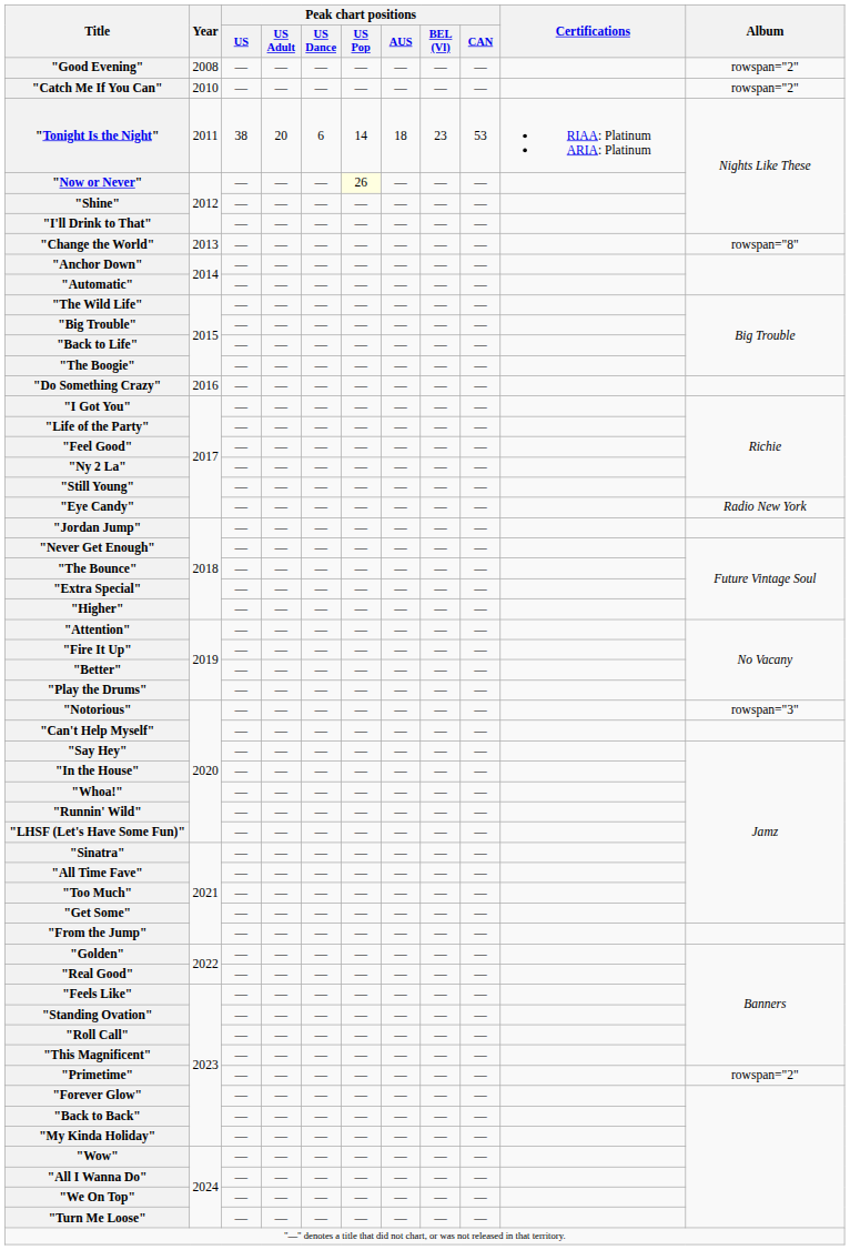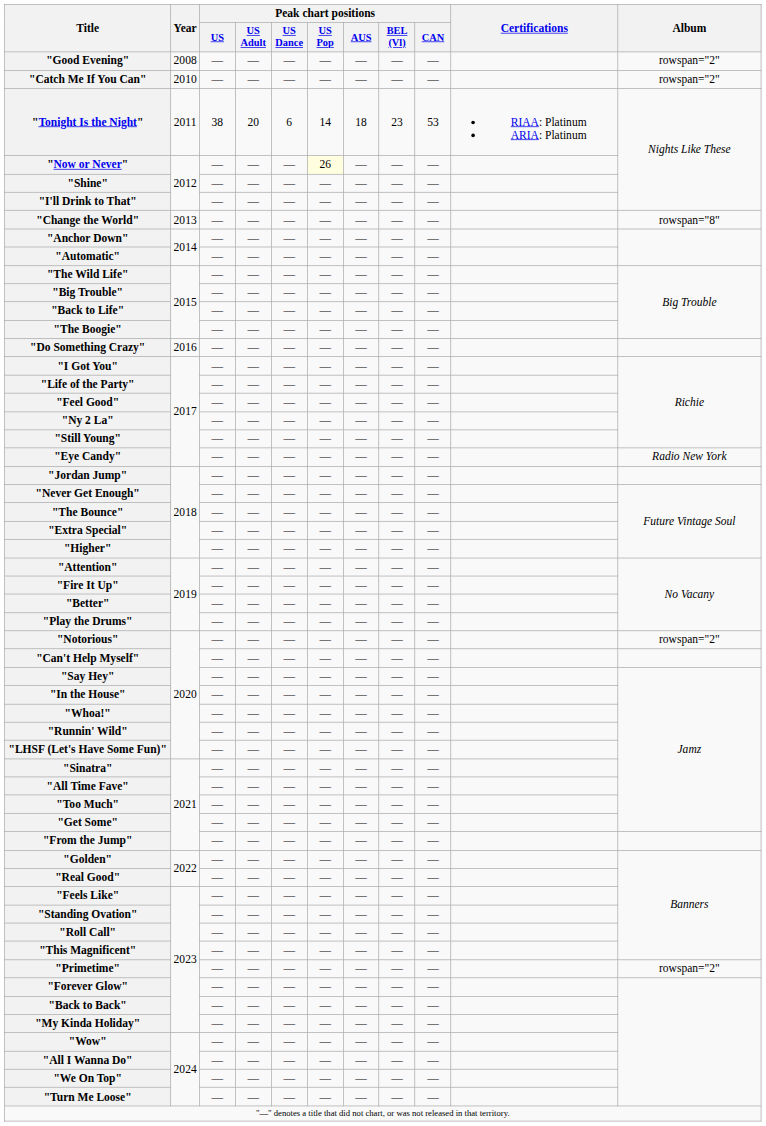 <table class="wikitable plainrowheaders" style="text-align:center;">
 <tr>
 <th scope="col" rowspan="2" style="width:14em;">Title</th>
 <th scope="col" rowspan="2">Year</th>
 <th scope="col" colspan="7">Peak chart positions</th>
 <th scope="col" rowspan="2" style="width:14em;"><a href='#'>Certifications</a></th>
 <th scope="col" rowspan="2" style="width:12em;">Album</th>
 </tr>
 <tr>
 <th scope="col" style="width:3em;font-size:90%;"><a href='#'>US</a><br></th>
 <th scope="col" style="width:3em;font-size:90%;"><a href='#'>US Adult</a><br></th>
 <th scope="col" style="width:3em;font-size:90%;"><a href='#'>US Dance</a><br></th>
 <th scope="col" style="width:3em;font-size:90%;"><a href='#'>US Pop</a><br></th>
 <th scope="col" style="width:3em;font-size:90%;"><a href='#'>AUS</a><br></th>
 <th scope="col" style="width:3em;font-size:90%;"><a href='#'>BEL (Vl)</a><br></th>
 <th scope="col" style="width:3em;font-size:90%;"><a href='#'>CAN</a><br></th>
 </tr>
 <tr>
 <th scope="row">"Good Evening"</th>
 <td>2008</td>
 <td>—</td>
 <td>—</td>
 <td>—</td>
 <td>—</td>
 <td>—</td>
 <td>—</td>
 <td>—</td>
 <td></td>
 <td>rowspan="2" </td>
 </tr>
 <tr>
 <th scope="row">"Catch Me If You Can"</th>
 <td>2010</td>
 <td>—</td>
 <td>—</td>
 <td>—</td>
 <td>—</td>
 <td>—</td>
 <td>—</td>
 <td>—</td>
 <td></td>
 <td>rowspan="2" </td>
 </tr>
 <tr>
 <th scope="row">"<a href='#'>Tonight Is the Night</a>"</th>
 <td>2011</td>
 <td>38</td>
 <td>20</td>
 <td>6</td>
 <td>14</td>
 <td>18</td>
 <td>23</td>
 <td>53</td>
 <td><br><ul><li><a href='#'>RIAA</a>: Platinum</li><li><a href='#'>ARIA</a>: Platinum</li></ul></td>
 <td rowspan="4"><em>Nights Like These</em></td>
 </tr>
 <tr>
 <th scope="row">"<a href='#'>Now or Never</a>"</th>
 <td rowspan="3">2012</td>
 <td>—</td>
 <td>—</td>
 <td>—</td>
 <td style="background: lightyellow;">26</td>
 <td>—</td>
 <td>—</td>
 <td>—</td>
 <td></td>
 </tr>
 <tr>
 <th scope="row">"Shine"<br></th>
 <td>—</td>
 <td>—</td>
 <td>—</td>
 <td>—</td>
 <td>—</td>
 <td>—</td>
 <td>—</td>
 <td></td>
 </tr>
 <tr>
 <th scope="row">"I'll Drink to That"</th>
 <td>—</td>
 <td>—</td>
 <td>—</td>
 <td>—</td>
 <td>—</td>
 <td>—</td>
 <td>—</td>
 <td></td>
 </tr>
 <tr>
 <th scope="row">"Change the World"</th>
 <td>2013</td>
 <td>—</td>
 <td>—</td>
 <td>—</td>
 <td>—</td>
 <td>—</td>
 <td>—</td>
 <td>—</td>
 <td></td>
 <td>rowspan="8" </td>
 </tr>
 <tr>
 <th scope="row">"Anchor Down"</th>
 <td rowspan="2">2014</td>
 <td>—</td>
 <td>—</td>
 <td>—</td>
 <td>—</td>
 <td>—</td>
 <td>—</td>
 <td>—</td>
 <td></td>
 </tr>
 <tr>
 <th scope="row">"Automatic"</th>
 <td>—</td>
 <td>—</td>
 <td>—</td>
 <td>—</td>
 <td>—</td>
 <td>—</td>
 <td>—</td>
 <td></td>
 </tr>
 <tr>
 <th scope="row">"The Wild Life"</th>
 <td rowspan="4">2015</td>
 <td>—</td>
 <td>—</td>
 <td>—</td>
 <td>—</td>
 <td>—</td>
 <td>—</td>
 <td>—</td>
 <td></td>
 <td rowspan="4"><em>Big Trouble</em></td>
 </tr>
 <tr>
 <th scope="row">"Big Trouble"</th>
 <td>—</td>
 <td>—</td>
 <td>—</td>
 <td>—</td>
 <td>—</td>
 <td>—</td>
 <td>—</td>
 <td></td>
 </tr>
 <tr>
 <th scope="row">"Back to Life"</th>
 <td>—</td>
 <td>—</td>
 <td>—</td>
 <td>—</td>
 <td>—</td>
 <td>—</td>
 <td>—</td>
 <td></td>
 </tr>
 <tr>
 <th scope="row">"The Boogie"</th>
 <td>—</td>
 <td>—</td>
 <td>—</td>
 <td>—</td>
 <td>—</td>
 <td>—</td>
 <td>—</td>
 <td></td>
 </tr>
 <tr>
 <th scope="row">"Do Something Crazy"<br></th>
 <td>2016</td>
 <td>—</td>
 <td>—</td>
 <td>—</td>
 <td>—</td>
 <td>—</td>
 <td>—</td>
 <td>—</td>
 <td></td>
 <td></td>
 </tr>
 <tr>
 <th scope="row">"I Got You"</th>
 <td rowspan="6">2017</td>
 <td>—</td>
 <td>—</td>
 <td>—</td>
 <td>—</td>
 <td>—</td>
 <td>—</td>
 <td>—</td>
 <td></td>
 <td rowspan="5"><em>Richie</em></td>
 </tr>
 <tr>
 <th scope="row">"Life of the Party"</th>
 <td>—</td>
 <td>—</td>
 <td>—</td>
 <td>—</td>
 <td>—</td>
 <td>—</td>
 <td>—</td>
 <td></td>
 </tr>
 <tr>
 <th scope="row">"Feel Good"<br></th>
 <td>—</td>
 <td>—</td>
 <td>—</td>
 <td>—</td>
 <td>—</td>
 <td>—</td>
 <td>—</td>
 <td></td>
 </tr>
 <tr>
 <th scope="row">"Ny 2 La"</th>
 <td>—</td>
 <td>—</td>
 <td>—</td>
 <td>—</td>
 <td>—</td>
 <td>—</td>
 <td>—</td>
 <td></td>
 </tr>
 <tr>
 <th scope="row">"Still Young"</th>
 <td>—</td>
 <td>—</td>
 <td>—</td>
 <td>—</td>
 <td>—</td>
 <td>—</td>
 <td>—</td>
 <td></td>
 </tr>
 <tr>
 <th scope="row">"Eye Candy"<br></th>
 <td>—</td>
 <td>—</td>
 <td>—</td>
 <td>—</td>
 <td>—</td>
 <td>—</td>
 <td>—</td>
 <td></td>
 <td><em>Radio New York</em></td>
 </tr>
 <tr>
 <th scope="row">"Jordan Jump"<br></th>
 <td rowspan="5">2018</td>
 <td>—</td>
 <td>—</td>
 <td>—</td>
 <td>—</td>
 <td>—</td>
 <td>—</td>
 <td>—</td>
 <td></td>
 </tr>
 <tr>
 <th scope="row">"Never Get Enough"</th>
 <td>—</td>
 <td>—</td>
 <td>—</td>
 <td>—</td>
 <td>—</td>
 <td>—</td>
 <td>—</td>
 <td></td>
 <td rowspan="4"><em>Future Vintage Soul</em></td>
 </tr>
 <tr>
 <th scope="row">"The Bounce"</th>
 <td>—</td>
 <td>—</td>
 <td>—</td>
 <td>—</td>
 <td>—</td>
 <td>—</td>
 <td>—</td>
 <td></td>
 </tr>
 <tr>
 <th scope="row">"Extra Special"</th>
 <td>—</td>
 <td>—</td>
 <td>—</td>
 <td>—</td>
 <td>—</td>
 <td>—</td>
 <td>—</td>
 <td></td>
 </tr>
 <tr>
 <th scope="row">"Higher"</th>
 <td>—</td>
 <td>—</td>
 <td>—</td>
 <td>—</td>
 <td>—</td>
 <td>—</td>
 <td>—</td>
 <td></td>
 </tr>
 <tr>
 <th scope="row">"Attention"</th>
 <td rowspan="4">2019</td>
 <td>—</td>
 <td>—</td>
 <td>—</td>
 <td>—</td>
 <td>—</td>
 <td>—</td>
 <td>—</td>
 <td></td>
 <td rowspan="4"><em>No Vacany</em></td>
 </tr>
 <tr>
 <th scope="row">"Fire It Up"</th>
 <td>—</td>
 <td>—</td>
 <td>—</td>
 <td>—</td>
 <td>—</td>
 <td>—</td>
 <td>—</td>
 <td></td>
 </tr>
 <tr>
 <th scope="row">"Better"</th>
 <td>—</td>
 <td>—</td>
 <td>—</td>
 <td>—</td>
 <td>—</td>
 <td>—</td>
 <td>—</td>
 <td></td>
 </tr>
 <tr>
 <th scope="row">"Play the Drums"</th>
 <td>—</td>
 <td>—</td>
 <td>—</td>
 <td>—</td>
 <td>—</td>
 <td>—</td>
 <td>—</td>
 <td></td>
 </tr>
 <tr>
 <th scope="row">"Notorious"<br></th>
 <td rowspan="7">2020</td>
 <td>—</td>
 <td>—</td>
 <td>—</td>
 <td>—</td>
 <td>—</td>
 <td>—</td>
 <td>—</td>
 <td></td>
-<td>rowspan="3" </td>
+<td>rowspan="2" </td>
 </tr>
 <tr>
 <th scope="row">"Can't Help Myself"</th>
 <td>—</td>
 <td>—</td>
 <td>—</td>
 <td>—</td>
 <td>—</td>
 <td>—</td>
 <td>—</td>
 <td></td>
 </tr>
 <tr>
 <th scope="row">"Say Hey"</th>
 <td>—</td>
 <td>—</td>
 <td>—</td>
 <td>—</td>
 <td>—</td>
 <td>—</td>
 <td>—</td>
 <td></td>
 <td rowspan="9"><em>Jamz</em></td>
 </tr>
 <tr>
 <th scope="row">"In the House"</th>
 <td>—</td>
 <td>—</td>
 <td>—</td>
 <td>—</td>
 <td>—</td>
 <td>—</td>
 <td>—</td>
 <td></td>
 </tr>
 <tr>
 <th scope="row">"Whoa!"</th>
 <td>—</td>
 <td>—</td>
 <td>—</td>
 <td>—</td>
 <td>—</td>
 <td>—</td>
 <td>—</td>
 <td></td>
 </tr>
 <tr>
 <th scope="row">"Runnin' Wild"</th>
 <td>—</td>
 <td>—</td>
 <td>—</td>
 <td>—</td>
 <td>—</td>
 <td>—</td>
 <td>—</td>
 <td></td>
 </tr>
 <tr>
 <th scope="row">"LHSF (Let's Have Some Fun)"</th>
 <td>—</td>
 <td>—</td>
 <td>—</td>
 <td>—</td>
 <td>—</td>
 <td>—</td>
 <td>—</td>
 <td></td>
 </tr>
 <tr>
 <th scope="row">"Sinatra"</th>
 <td rowspan="5">2021</td>
 <td>—</td>
 <td>—</td>
 <td>—</td>
 <td>—</td>
 <td>—</td>
 <td>—</td>
 <td>—</td>
 <td></td>
 </tr>
 <tr>
 <th scope="row">"All Time Fave"</th>
 <td>—</td>
 <td>—</td>
 <td>—</td>
 <td>—</td>
 <td>—</td>
 <td>—</td>
 <td>—</td>
 <td></td>
 </tr>
 <tr>
 <th scope="row">"Too Much"</th>
 <td>—</td>
 <td>—</td>
 <td>—</td>
 <td>—</td>
 <td>—</td>
 <td>—</td>
 <td>—</td>
 <td></td>
 </tr>
 <tr>
 <th scope="row">"Get Some"</th>
 <td>—</td>
 <td>—</td>
 <td>—</td>
 <td>—</td>
 <td>—</td>
 <td>—</td>
 <td>—</td>
 <td></td>
 </tr>
 <tr>
 <th scope="row">"From the Jump"<br></th>
 <td>—</td>
 <td>—</td>
 <td>—</td>
 <td>—</td>
 <td>—</td>
 <td>—</td>
 <td>—</td>
 <td></td>
 <td></td>
 </tr>
 <tr>
 <th scope="row">"Golden"</th>
 <td rowspan="2">2022</td>
 <td>—</td>
 <td>—</td>
 <td>—</td>
 <td>—</td>
 <td>—</td>
 <td>—</td>
 <td>—</td>
 <td></td>
 <td rowspan="6"><em>Banners</em></td>
 </tr>
 <tr>
 <th scope="row">"Real Good"</th>
 <td>—</td>
 <td>—</td>
 <td>—</td>
 <td>—</td>
 <td>—</td>
 <td>—</td>
 <td>—</td>
 <td></td>
 </tr>
 <tr>
 <th scope="row">"Feels Like"</th>
 <td rowspan="8">2023</td>
 <td>—</td>
 <td>—</td>
 <td>—</td>
 <td>—</td>
 <td>—</td>
 <td>—</td>
 <td>—</td>
 <td></td>
 </tr>
 <tr>
 <th scope="row">"Standing Ovation"</th>
 <td>—</td>
 <td>—</td>
 <td>—</td>
 <td>—</td>
 <td>—</td>
 <td>—</td>
 <td>—</td>
 <td></td>
 </tr>
 <tr>
 <th scope="row">"Roll Call"</th>
 <td>—</td>
 <td>—</td>
 <td>—</td>
 <td>—</td>
 <td>—</td>
 <td>—</td>
 <td>—</td>
 <td></td>
 </tr>
 <tr>
 <th scope="row">"This Magnificent"</th>
 <td>—</td>
 <td>—</td>
 <td>—</td>
 <td>—</td>
 <td>—</td>
 <td>—</td>
 <td>—</td>
 <td></td>
 </tr>
 <tr>
 <th scope="row">"Primetime"<br></th>
 <td>—</td>
 <td>—</td>
 <td>—</td>
 <td>—</td>
 <td>—</td>
 <td>—</td>
 <td>—</td>
 <td></td>
 <td>rowspan="2" </td>
 </tr>
 <tr>
 <th scope="row">"Forever Glow"</th>
 <td>—</td>
 <td>—</td>
 <td>—</td>
 <td>—</td>
 <td>—</td>
 <td>—</td>
 <td>—</td>
 <td></td>
 </tr>
 <tr>
 <th scope="row">"Back to Back"<br></th>
 <td>—</td>
 <td>—</td>
 <td>—</td>
 <td>—</td>
 <td>—</td>
 <td>—</td>
 <td>—</td>
 <td></td>
 </tr>
 <tr>
 <th scope="row">"My Kinda Holiday"</th>
 <td>—</td>
 <td>—</td>
 <td>—</td>
 <td>—</td>
 <td>—</td>
 <td>—</td>
 <td>—</td>
 <td></td>
 </tr>
 <tr>
 <th scope="row">"Wow"</th>
 <td rowspan="4">2024</td>
 <td>—</td>
 <td>—</td>
 <td>—</td>
 <td>—</td>
 <td>—</td>
 <td>—</td>
 <td>—</td>
 <td></td>
 </tr>
 <tr>
 <th scope="row">"All I Wanna Do"</th>
 <td>—</td>
 <td>—</td>
 <td>—</td>
 <td>—</td>
 <td>—</td>
 <td>—</td>
 <td>—</td>
 <td></td>
 </tr>
 <tr>
 <th scope="row">"We On Top"<br></th>
 <td>—</td>
 <td>—</td>
 <td>—</td>
 <td>—</td>
 <td>—</td>
 <td>—</td>
 <td>—</td>
 <td></td>
 </tr>
 <tr>
 <th scope="row">"Turn Me Loose"</th>
 <td>—</td>
 <td>—</td>
 <td>—</td>
 <td>—</td>
 <td>—</td>
 <td>—</td>
 <td>—</td>
 <td></td>
 </tr>
 <tr>
 <td colspan=12 style="font-size:9pt">"—" denotes a title that did not chart, or was not released in that territory.</td>
 </tr>
 </table>
